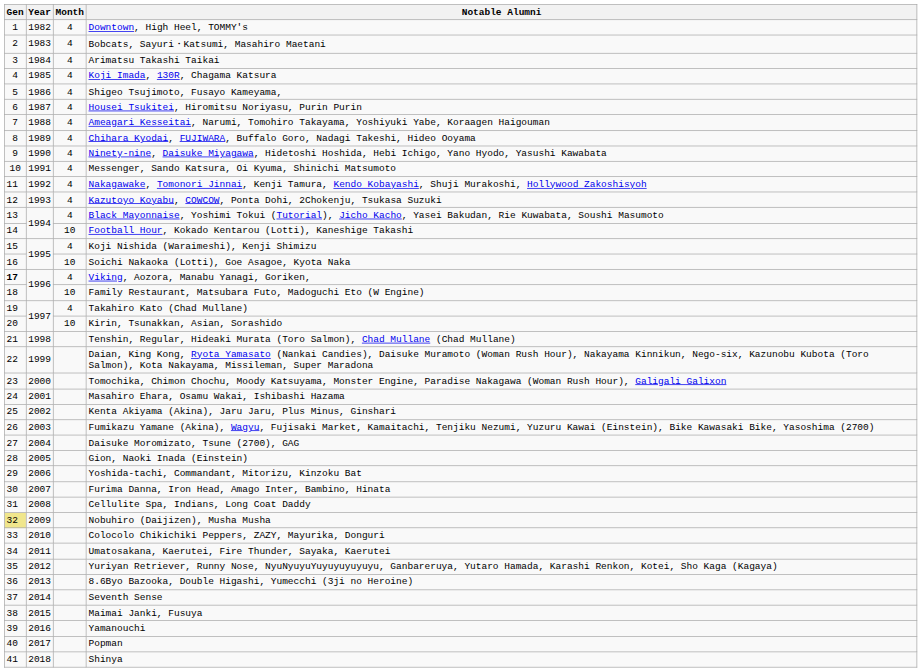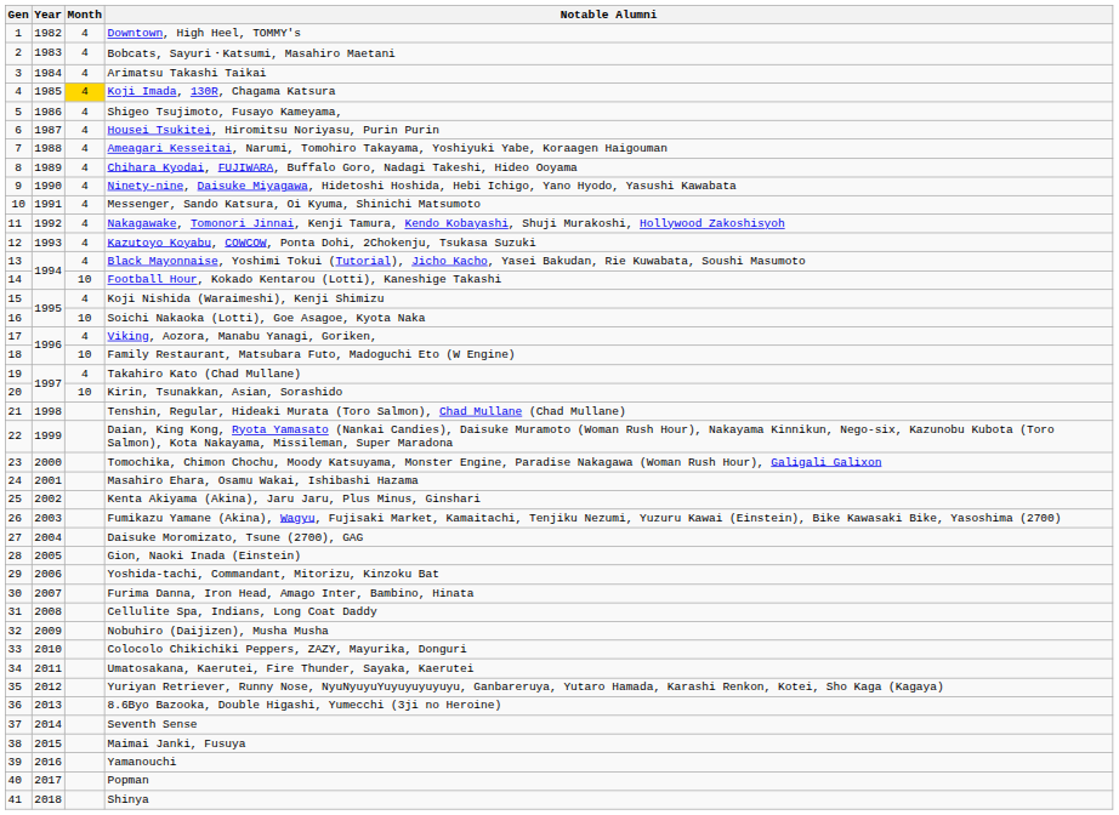 <table class="wikitable">
 <tr>
 <th>Gen</th>
 <th>Year</th>
 <th>Month</th>
 <th>Notable Alumni</th>
 </tr>
 <tr>
 <td style="text-align: center;">1</td>
 <td>1982</td>
 <td style="text-align: center;">4</td>
 <td><a href='#'>Downtown</a>, High Heel, TOMMY's</td>
 </tr>
 <tr>
 <td style="text-align: center;">2</td>
 <td>1983</td>
 <td style="text-align: center;">4</td>
 <td>Bobcats, Sayuri・Katsumi, Masahiro Maetani</td>
 </tr>
 <tr>
 <td style="text-align: center;">3</td>
 <td>1984</td>
 <td style="text-align: center;">4</td>
 <td>Arimatsu Takashi Taikai</td>
 </tr>
 <tr>
 <td style="text-align: center;">4</td>
 <td>1985</td>
-<td style="text-align: center;">4</td>
+<td style="background: gold; text-align: center;">4</td>
 <td><a href='#'>Koji Imada</a>, <a href='#'>130R</a>, Chagama Katsura</td>
 </tr>
 <tr>
 <td style="text-align: center;">5</td>
 <td>1986</td>
 <td style="text-align: center;">4</td>
 <td>Shigeo Tsujimoto, Fusayo Kameyama,</td>
 </tr>
 <tr>
 <td style="text-align: center;">6</td>
 <td>1987</td>
 <td style="text-align: center;">4</td>
 <td><a href='#'>Housei Tsukitei</a>, Hiromitsu Noriyasu, Purin Purin</td>
 </tr>
 <tr>
 <td style="text-align: center;">7</td>
 <td>1988</td>
 <td style="text-align: center;">4</td>
 <td><a href='#'>Ameagari Kesseitai</a>, Narumi, Tomohiro Takayama, Yoshiyuki Yabe, Koraagen Haigouman</td>
 </tr>
 <tr>
 <td style="text-align: center;">8</td>
 <td>1989</td>
 <td style="text-align: center;">4</td>
 <td><a href='#'>Chihara Kyodai</a>, <a href='#'>FUJIWARA</a>, Buffalo Goro, Nadagi Takeshi, Hideo Ooyama</td>
 </tr>
 <tr>
 <td style="text-align: center;">9</td>
 <td>1990</td>
 <td style="text-align: center;">4</td>
 <td><a href='#'>Ninety-nine</a>, <a href='#'>Daisuke Miyagawa</a>, Hidetoshi Hoshida, Hebi Ichigo, Yano Hyodo, Yasushi Kawabata</td>
 </tr>
 <tr>
 <td style="text-align: center;">10</td>
 <td>1991</td>
 <td style="text-align: center;">4</td>
 <td>Messenger, Sando Katsura, Oi Kyuma, Shinichi Matsumoto</td>
 </tr>
 <tr>
 <td>11</td>
 <td>1992</td>
 <td style="text-align: center;">4</td>
 <td><a href='#'>Nakagawake</a>, <a href='#'>Tomonori Jinnai</a>, Kenji Tamura, <a href='#'>Kendo Kobayashi</a>, Shuji Murakoshi, <a href='#'>Hollywood Zakoshisyoh</a></td>
 </tr>
 <tr>
 <td>12</td>
 <td>1993</td>
 <td style="text-align: center;">4</td>
 <td><a href='#'>Kazutoyo Koyabu</a>, <a href='#'>COWCOW</a>, Ponta Dohi, 2Chokenju, Tsukasa Suzuki</td>
 </tr>
 <tr>
 <td>13</td>
 <td rowspan="2">1994</td>
 <td style="text-align: center;">4</td>
 <td><a href='#'>Black Mayonnaise</a>, Yoshimi Tokui (<a href='#'>Tutorial</a>), <a href='#'>Jicho Kacho</a>, Yasei Bakudan, Rie Kuwabata, Soushi Masumoto</td>
 </tr>
 <tr>
 <td>14</td>
 <td style="text-align: center;">10</td>
 <td><a href='#'>Football Hour</a>, Kokado Kentarou (Lotti), Kaneshige Takashi</td>
 </tr>
 <tr>
 <td>15</td>
 <td rowspan="2">1995</td>
 <td style="text-align: center;">4</td>
 <td>Koji Nishida (Waraimeshi), Kenji Shimizu</td>
 </tr>
 <tr>
 <td>16</td>
 <td style="text-align: center;">10</td>
 <td>Soichi Nakaoka (Lotti), Goe Asagoe, Kyota Naka</td>
 </tr>
 <tr>
-<td><strong>17</strong></td>
+<td>17</td>
 <td rowspan="2">1996</td>
 <td style="text-align: center;">4</td>
 <td><a href='#'>Viking</a>, Aozora, Manabu Yanagi, Goriken,</td>
 </tr>
 <tr>
 <td>18</td>
 <td style="text-align: center;">10</td>
 <td>Family Restaurant, Matsubara Futo, Madoguchi Eto (W Engine)</td>
 </tr>
 <tr>
 <td>19</td>
 <td rowspan="2">1997</td>
 <td style="text-align: center;">4</td>
 <td>Takahiro Kato (Chad Mullane)</td>
 </tr>
 <tr>
 <td>20</td>
 <td style="text-align: center;">10</td>
 <td>Kirin, Tsunakkan, Asian, Sorashido</td>
 </tr>
 <tr>
 <td>21</td>
 <td>1998</td>
 <td></td>
 <td>Tenshin, Regular, Hideaki Murata (Toro Salmon), <a href='#'>Chad Mullane</a> (Chad Mullane)</td>
 </tr>
 <tr>
 <td>22</td>
 <td>1999</td>
 <td></td>
 <td>Daian, King Kong, <a href='#'>Ryota Yamasato</a> (Nankai Candies), Daisuke Muramoto (Woman Rush Hour), Nakayama Kinnikun, Nego-six, Kazunobu Kubota (Toro Salmon), Kota Nakayama, Missileman, Super Maradona</td>
 </tr>
 <tr>
 <td>23</td>
 <td>2000</td>
 <td></td>
 <td>Tomochika, Chimon Chochu, Moody Katsuyama, Monster Engine, Paradise Nakagawa (Woman Rush Hour), <a href='#'>Galigali Galixon</a></td>
 </tr>
 <tr>
 <td>24</td>
 <td>2001</td>
 <td></td>
 <td>Masahiro Ehara, Osamu Wakai, Ishibashi Hazama</td>
 </tr>
 <tr>
 <td>25</td>
 <td>2002</td>
 <td></td>
 <td>Kenta Akiyama (Akina), Jaru Jaru, Plus Minus, Ginshari</td>
 </tr>
 <tr>
 <td>26</td>
 <td>2003</td>
 <td></td>
 <td>Fumikazu Yamane (Akina), <a href='#'>Wagyu</a>, Fujisaki Market, Kamaitachi, Tenjiku Nezumi, Yuzuru Kawai (Einstein), Bike Kawasaki Bike, Yasoshima (2700)</td>
 </tr>
 <tr>
 <td>27</td>
 <td>2004</td>
 <td></td>
 <td>Daisuke Moromizato, Tsune (2700), GAG</td>
 </tr>
 <tr>
 <td>28</td>
 <td>2005</td>
 <td></td>
 <td>Gion, Naoki Inada (Einstein)</td>
 </tr>
 <tr>
 <td>29</td>
 <td>2006</td>
 <td></td>
 <td>Yoshida-tachi, Commandant, Mitorizu, Kinzoku Bat</td>
 </tr>
 <tr>
 <td>30</td>
 <td>2007</td>
 <td></td>
 <td>Furima Danna, Iron Head, Amago Inter, Bambino, Hinata</td>
 </tr>
 <tr>
 <td>31</td>
 <td>2008</td>
 <td></td>
 <td>Cellulite Spa, Indians, Long Coat Daddy</td>
 </tr>
 <tr>
-<td style="background: khaki;">32</td>
+<td>32</td>
 <td>2009</td>
 <td></td>
 <td>Nobuhiro (Daijizen), Musha Musha</td>
 </tr>
 <tr>
 <td>33</td>
 <td>2010</td>
 <td></td>
 <td>Colocolo Chikichiki Peppers, ZAZY, Mayurika, Donguri</td>
 </tr>
 <tr>
 <td>34</td>
 <td>2011</td>
 <td></td>
 <td>Umatosakana, Kaerutei, Fire Thunder, Sayaka, Kaerutei</td>
 </tr>
 <tr>
 <td>35</td>
 <td>2012</td>
 <td></td>
 <td>Yuriyan Retriever, Runny Nose, NyuNyuyuYuyuyuyuyuyu, Ganbareruya, Yutaro Hamada, Karashi Renkon, Kotei, Sho Kaga (Kagaya)</td>
 </tr>
 <tr>
 <td>36</td>
 <td>2013</td>
 <td></td>
 <td>8.6Byo Bazooka, Double Higashi, Yumecchi (3ji no Heroine)</td>
 </tr>
 <tr>
 <td>37</td>
 <td>2014</td>
 <td></td>
 <td>Seventh Sense</td>
 </tr>
 <tr>
 <td>38</td>
 <td>2015</td>
 <td></td>
 <td>Maimai Janki, Fusuya</td>
 </tr>
 <tr>
 <td>39</td>
 <td>2016</td>
 <td></td>
 <td>Yamanouchi</td>
 </tr>
 <tr>
 <td>40</td>
 <td>2017</td>
 <td></td>
 <td>Popman</td>
 </tr>
 <tr>
 <td>41</td>
 <td>2018</td>
 <td></td>
 <td>Shinya</td>
 </tr>
 </table>
